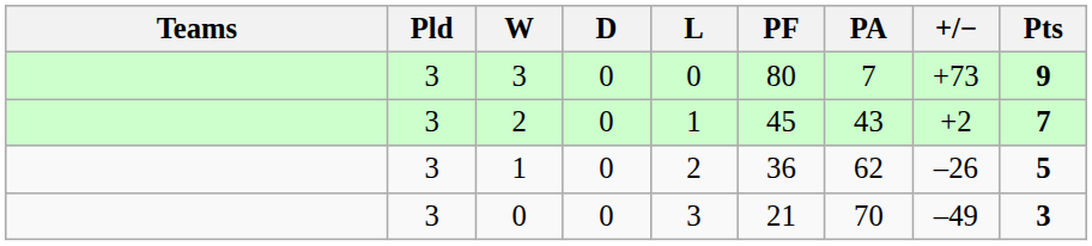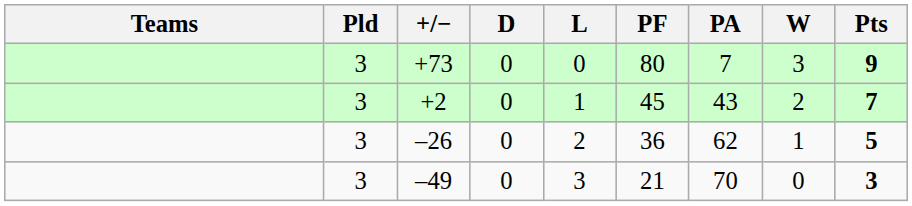 <table class="wikitable" style="text-align: center;">
 <tr>
 <th width="200">Teams</th>
 <th width="40">Pld</th>
-<th width="40">W</th>
+<th width="40">+/−</th>
 <th width="40">D</th>
 <th width="40">L</th>
 <th width="40">PF</th>
 <th width="40">PA</th>
-<th width="40">+/−</th>
+<th width="40">W</th>
 <th width="40">Pts</th>
 </tr>
 <tr bgcolor=ccffcc>
 <td align=left></td>
 <td>3</td>
-<td>3</td>
+<td>+73</td>
 <td>0</td>
 <td>0</td>
 <td>80</td>
 <td>7</td>
-<td>+73</td>
+<td>3</td>
 <td><strong>9</strong></td>
 </tr>
 <tr bgcolor=ccffcc>
 <td align=left></td>
 <td>3</td>
-<td>2</td>
+<td>+2</td>
 <td>0</td>
 <td>1</td>
 <td>45</td>
 <td>43</td>
-<td>+2</td>
+<td>2</td>
 <td><strong>7</strong></td>
 </tr>
 <tr>
 <td align=left></td>
 <td>3</td>
-<td>1</td>
+<td>–26</td>
 <td>0</td>
 <td>2</td>
 <td>36</td>
 <td>62</td>
-<td>–26</td>
+<td>1</td>
 <td><strong>5</strong></td>
 </tr>
 <tr>
 <td align=left></td>
 <td>3</td>
-<td>0</td>
+<td>–49</td>
 <td>0</td>
 <td>3</td>
 <td>21</td>
 <td>70</td>
-<td>–49</td>
+<td>0</td>
 <td><strong>3</strong></td>
 </tr>
 </table>
